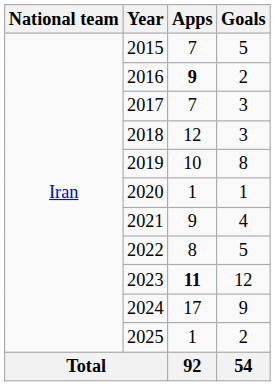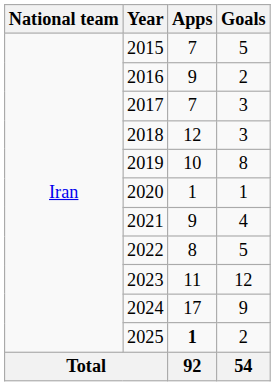 <table class="wikitable" style="text-align:center">
 <tr>
 <th>National team</th>
 <th>Year</th>
 <th>Apps</th>
 <th>Goals</th>
 </tr>
 <tr>
 <td rowspan="11"><a href='#'>Iran</a></td>
 <td>2015</td>
 <td>7</td>
 <td>5</td>
 </tr>
 <tr>
 <td>2016</td>
-<td><strong>9</strong></td>
+<td>9</td>
 <td>2</td>
 </tr>
 <tr>
 <td>2017</td>
 <td>7</td>
 <td>3</td>
 </tr>
 <tr>
 <td>2018</td>
 <td>12</td>
 <td>3</td>
 </tr>
 <tr>
 <td>2019</td>
 <td>10</td>
 <td>8</td>
 </tr>
 <tr>
 <td>2020</td>
 <td>1</td>
 <td>1</td>
 </tr>
 <tr>
 <td>2021</td>
 <td>9</td>
 <td>4</td>
 </tr>
 <tr>
 <td>2022</td>
 <td>8</td>
 <td>5</td>
 </tr>
 <tr>
 <td>2023</td>
-<td><strong>11</strong></td>
+<td>11</td>
 <td>12</td>
 </tr>
 <tr>
 <td>2024</td>
 <td>17</td>
 <td>9</td>
 </tr>
 <tr>
 <td>2025</td>
-<td>1</td>
+<td><strong>1</strong></td>
 <td>2</td>
 </tr>
 <tr>
 <th colspan="2">Total</th>
 <th>92</th>
 <th>54</th>
 </tr>
 </table>
